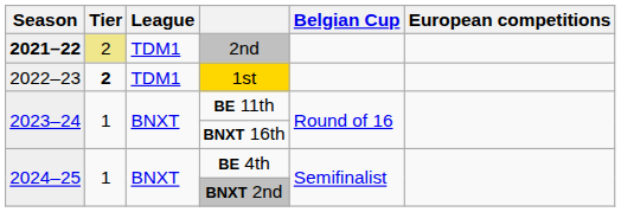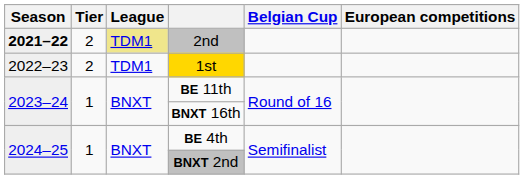 <table class="wikitable" style="font-size:85%">
 <tr bgcolor=>
 <th>Season</th>
 <th>Tier</th>
 <th>League</th>
 <th></th>
 <th><a href='#'>Belgian Cup</a></th>
 <th colspan=2>European competitions</th>
 </tr>
 <tr>
 <td style="background:#efefef;"><strong>2021–22</strong></td>
-<td style="background: khaki; text-align:center;">2</td>
-<td><a href='#'>TDM1</a></td>
+<td style="text-align:center;">2</td>
+<td style="background: khaki;"><a href='#'>TDM1</a></td>
 <td style="text-align:center; background:silver;">2nd</td>
 <td></td>
 <td colspan=2></td>
 </tr>
 <tr>
 <td style="background:#efefef;">2022–23</td>
-<td style="text-align:center;"><strong>2</strong></td>
+<td style="text-align:center;">2</td>
 <td><a href='#'>TDM1</a></td>
 <td style="text-align:center; background:gold;">1st</td>
 <td></td>
 <td colspan=2></td>
 </tr>
 <tr>
 <td rowspan=2 style="background:#efefef;"><a href='#'>2023–24</a></td>
 <td rowspan=2 style="text-align:center;">1</td>
 <td rowspan=2><a href='#'>BNXT</a></td>
 <td style="text-align:center;"><small><strong>BE</strong></small> 11th</td>
 <td rowspan=2><a href='#'>Round of 16</a></td>
 <td rowspan=2 colspan=2></td>
 </tr>
 <tr>
 <td style="text-align:center;"><small><strong>BNXT</strong></small> 16th</td>
 </tr>
 <tr>
 <td rowspan=2 style="background:#efefef;"><a href='#'>2024–25</a></td>
 <td rowspan=2 style="text-align:center;">1</td>
 <td rowspan=2><a href='#'>BNXT</a></td>
 <td style="text-align:center;"><small><strong>BE</strong></small> 4th</td>
 <td rowspan=2><a href='#'>Semifinalist</a></td>
 <td rowspan=2 colspan=2></td>
 </tr>
 <tr>
 <td style="text-align:center; background:silver;"><small><strong>BNXT</strong></small> 2nd</td>
 </tr>
 </table>
